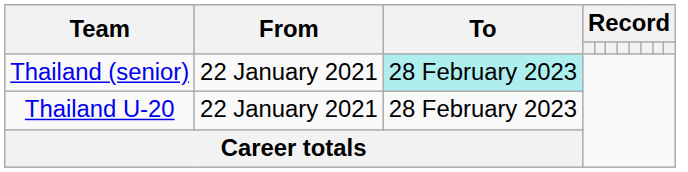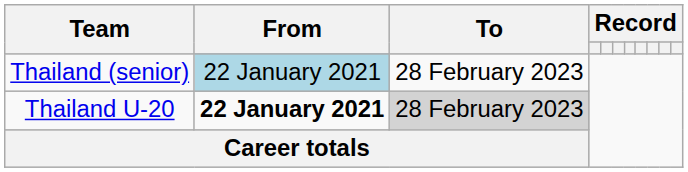 <table class="wikitable" style="text-align: center">
 <tr>
 <th rowspan=2>Team</th>
 <th rowspan=2>From</th>
 <th rowspan=2>To</th>
 <th colspan=8>Record</th>
 </tr>
 <tr>
 <th></th>
 <th></th>
 <th></th>
 <th></th>
 <th></th>
 <th></th>
 <th></th>
 <th></th>
 </tr>
 <tr>
 <td><a href='#'>Thailand (senior)</a></td>
-<td>22 January 2021</td>
-<td style="background: paleturquoise;">28 February 2023<br></td>
+<td style="background: lightblue;">22 January 2021</td>
+<td>28 February 2023<br></td>
 </tr>
 <tr>
 <td><a href='#'>Thailand U-20</a></td>
-<td>22 January 2021</td>
-<td>28 February 2023<br></td>
+<td><strong>22 January 2021</strong></td>
+<td style="background: lightgrey;">28 February 2023<br></td>
 </tr>
 <tr>
 <th colspan=3>Career totals<br></th>
 </tr>
 </table>
